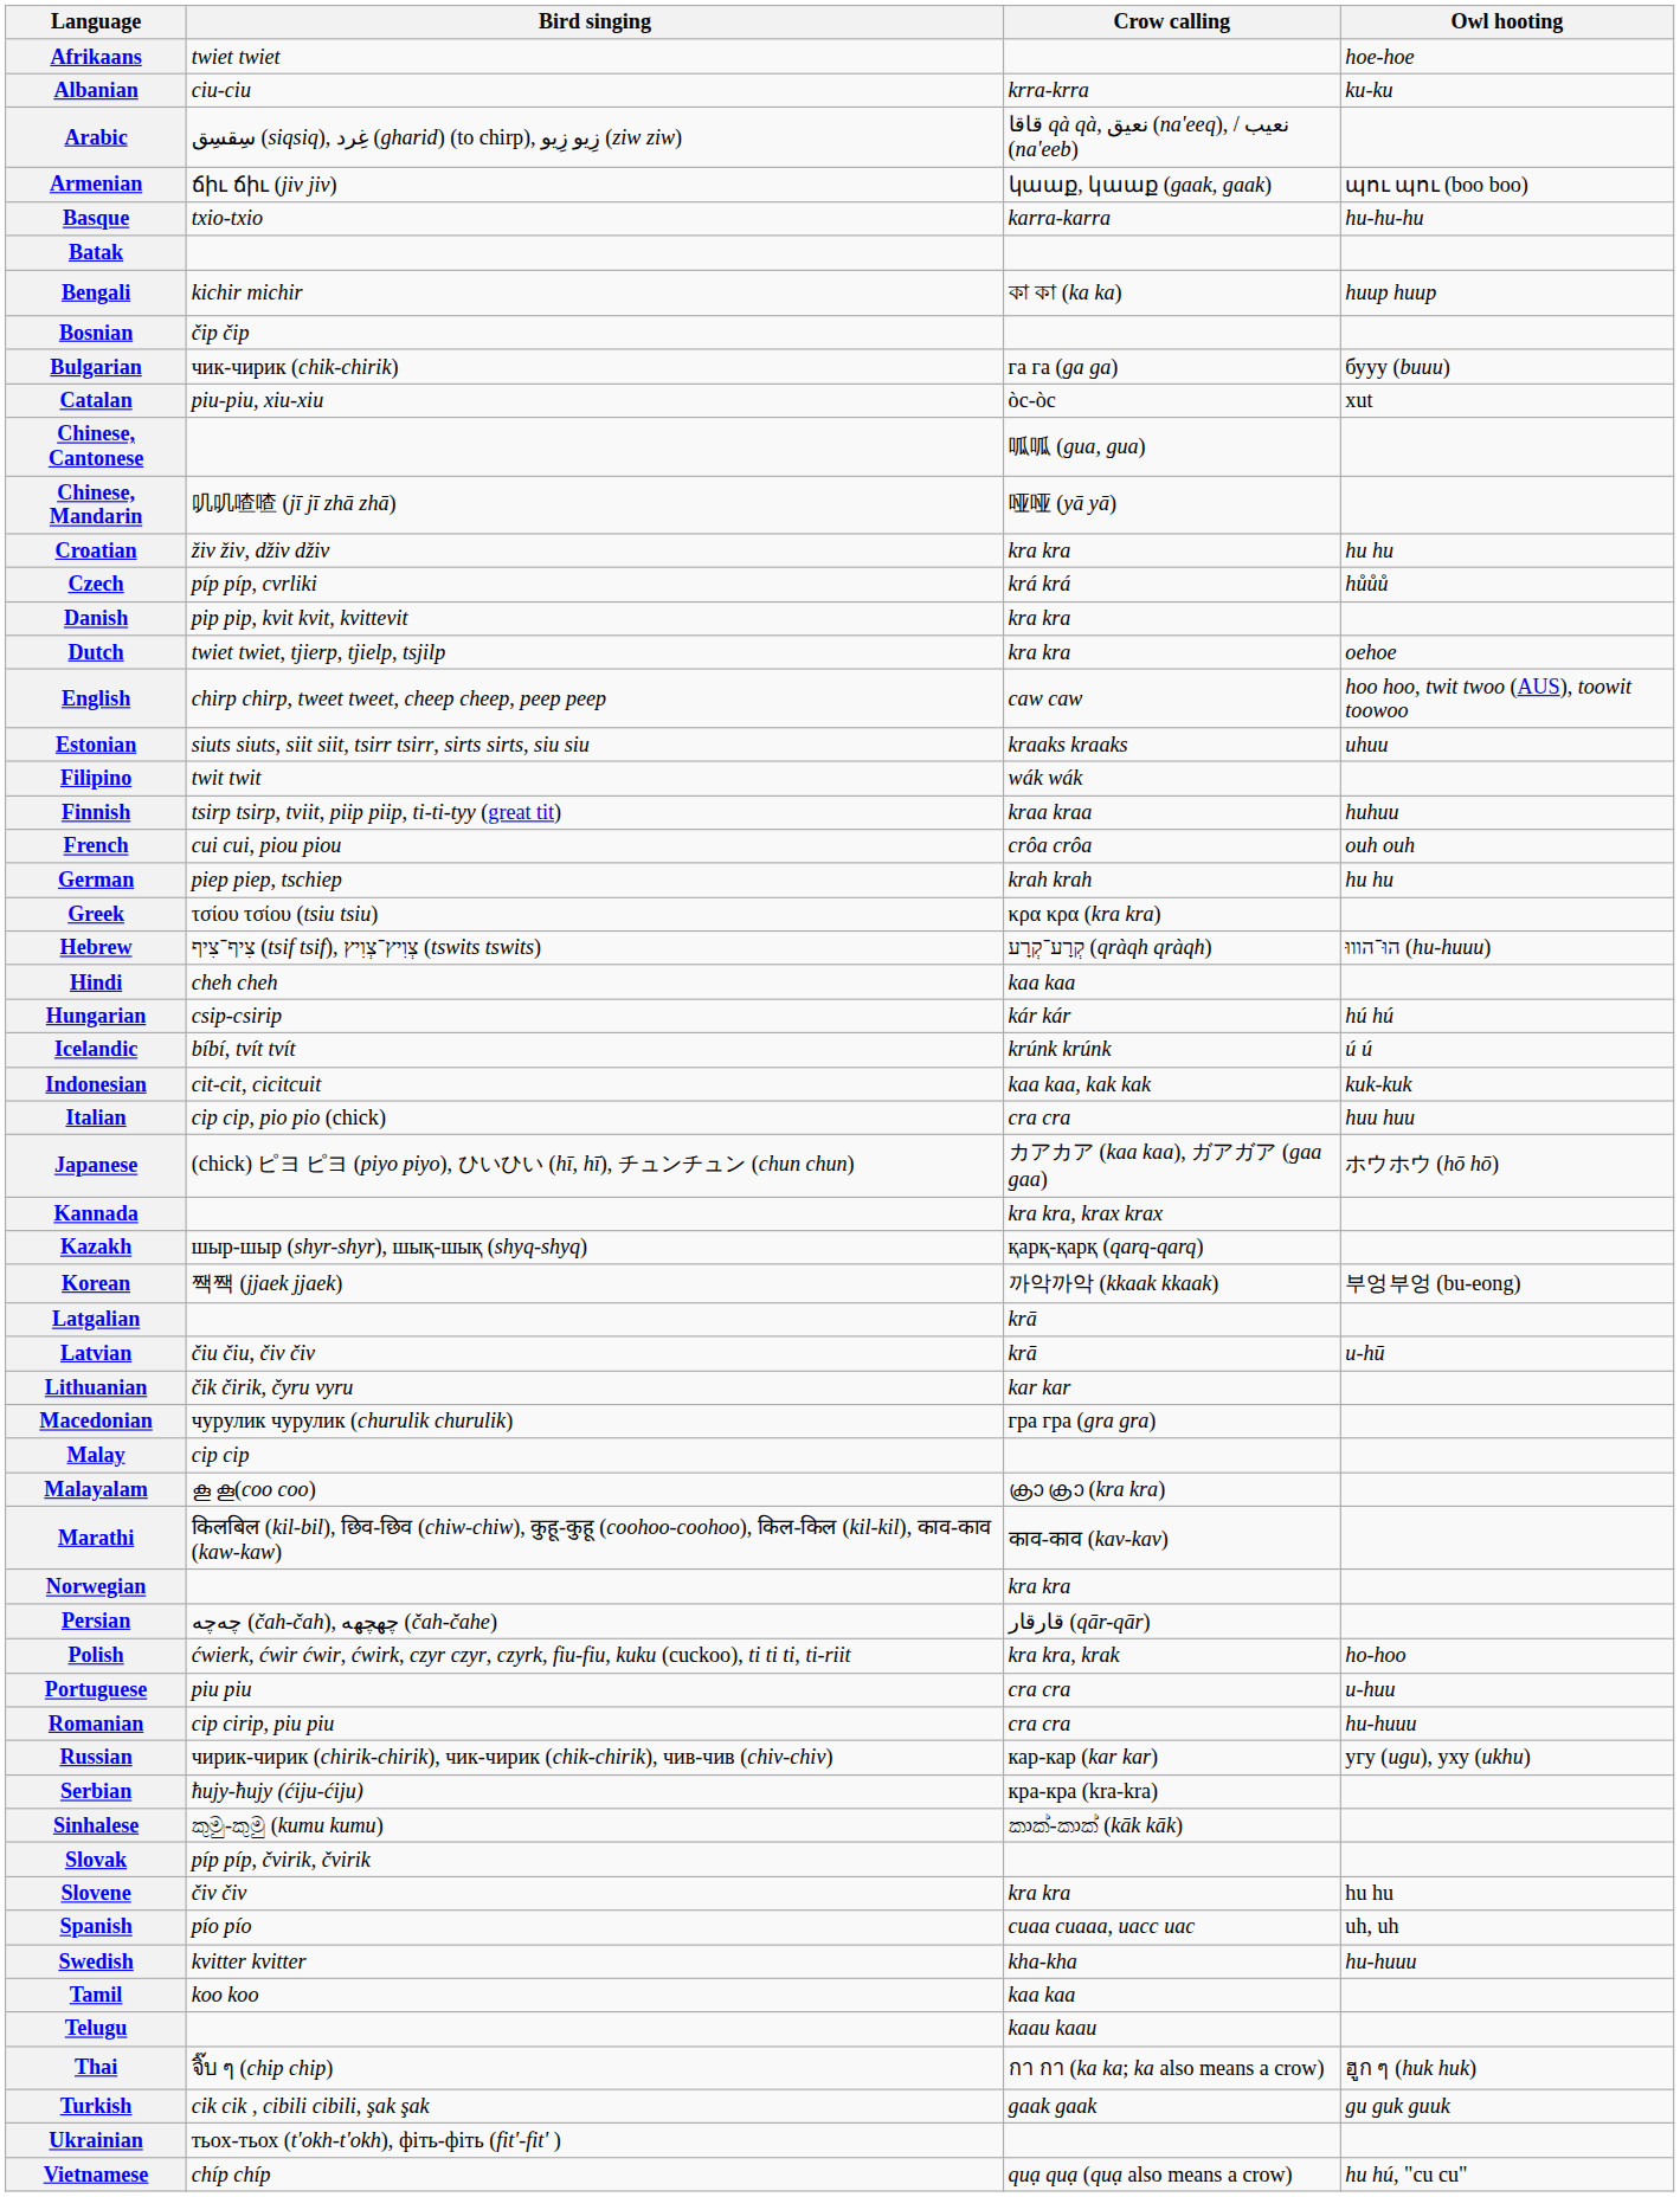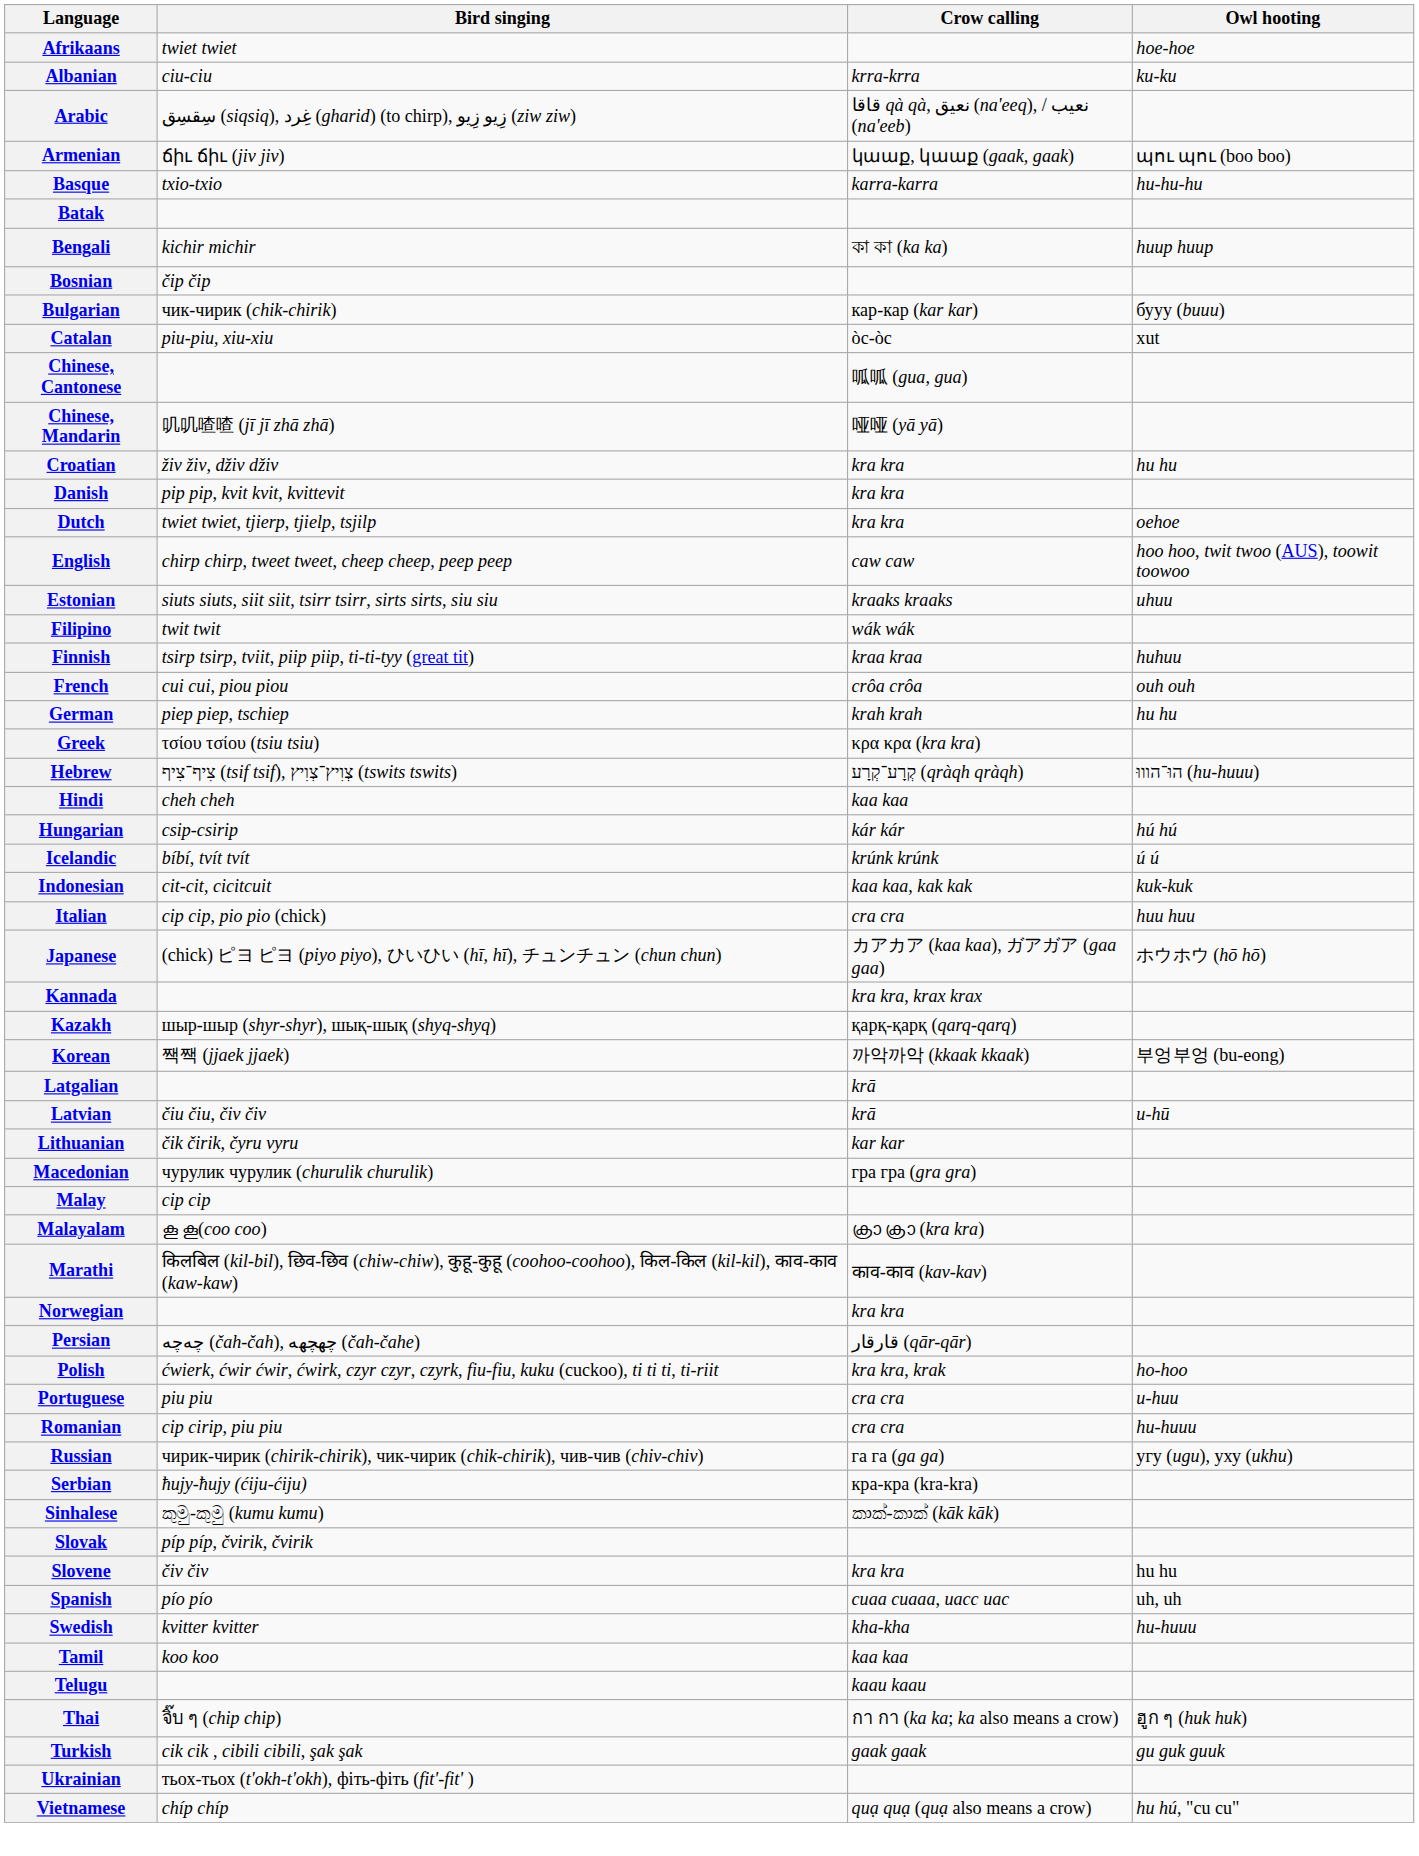 <table class="wikitable">
 <tr>
 <th>Language</th>
 <th>Bird singing</th>
 <th>Crow calling</th>
 <th>Owl hooting</th>
 </tr>
 <tr>
 <th><a href='#'>Afrikaans</a></th>
 <td><em>twiet twiet</em></td>
 <td></td>
 <td><em>hoe-hoe</em></td>
 </tr>
 <tr>
 <th><a href='#'>Albanian</a></th>
 <td><em>ciu-ciu</em></td>
 <td><em>krra-krra</em></td>
 <td><em>ku-ku</em></td>
 </tr>
 <tr>
 <th><a href='#'>Arabic</a></th>
 <td>سِقسِق (<em>siqsiq</em>), غِرد (<em>gharid</em>) (to chirp), زِيو زِيو (<em>ziw ziw</em>)</td>
 <td>قاقا <em>qà qà</em>, نعيق (<em>na'eeq</em>), / نعيب (<em>na'eeb</em>)</td>
 <td></td>
 </tr>
 <tr>
 <th><a href='#'>Armenian</a></th>
 <td>ճիւ ճիւ (<em>jiv jiv</em>)</td>
 <td>կաաք, կաաք (<em>gaak, gaak</em>)</td>
 <td>պու պու (boo boo)</td>
 </tr>
 <tr>
 <th><a href='#'>Basque</a></th>
 <td><em>txio-txio</em></td>
 <td><em>karra-karra</em></td>
 <td><em>hu-hu-hu</em></td>
 </tr>
 <tr>
 <th><a href='#'>Batak</a></th>
 <td></td>
 <td></td>
 <td></td>
 </tr>
 <tr>
 <th><a href='#'>Bengali</a></th>
 <td><em>kichir michir</em></td>
 <td>কা কা (<em>ka ka</em>)</td>
 <td><em>huup huup</em></td>
 </tr>
 <tr>
 <th><a href='#'>Bosnian</a></th>
 <td><em>čip čip</em></td>
 <td></td>
 <td></td>
 </tr>
 <tr>
 <th><a href='#'>Bulgarian</a></th>
 <td>чик-чирик (<em>chik-chirik</em>)</td>
-<td>га га (<em>ga ga</em>)</td>
+<td>кар-кар (<em>kar kar</em>)</td>
 <td>бууу (<em>buuu</em>)</td>
 </tr>
 <tr>
 <th><a href='#'>Catalan</a></th>
 <td><em>piu-piu, xiu-xiu</em></td>
 <td>òc-òc</td>
 <td>xut</td>
 </tr>
 <tr>
 <th><a href='#'>Chinese, Cantonese</a></th>
 <td></td>
 <td>呱呱 (<em>gua, gua</em>)</td>
 <td></td>
 </tr>
 <tr>
 <th><a href='#'>Chinese, Mandarin</a></th>
 <td>叽叽喳喳 (<em>jī jī zhā zhā</em>)</td>
 <td>哑哑 (<em>yā yā</em>)</td>
 <td></td>
 </tr>
 <tr>
 <th><a href='#'>Croatian</a></th>
 <td><em>živ živ</em>, <em>dživ dživ</em></td>
 <td><em>kra kra</em></td>
 <td><em>hu hu</em></td>
-</tr>
-<tr>
-<th><a href='#'>Czech</a></th>
-<td><em>píp píp</em>, <em>cvrliki</em></td>
-<td><em>krá krá</em></td>
-<td><em>hůůů</em></td>
 </tr>
 <tr>
 <th><a href='#'>Danish</a></th>
 <td><em>pip pip</em>, <em>kvit kvit</em>, <em>kvittevit</em></td>
 <td><em>kra kra</em></td>
 <td></td>
 </tr>
 <tr>
 <th><a href='#'>Dutch</a></th>
 <td><em>twiet twiet</em>, <em>tjierp</em>, <em>tjielp</em>, <em>tsjilp</em></td>
 <td><em>kra kra</em></td>
 <td><em>oehoe</em></td>
 </tr>
 <tr>
 <th><a href='#'>English</a></th>
 <td><em>chirp chirp</em>, <em>tweet tweet</em>, <em>cheep cheep</em>, <em>peep peep</em></td>
 <td><em>caw caw</em></td>
 <td><em>hoo hoo</em>, <em>twit twoo</em> (<a href='#'>AUS</a>), <em>toowit toowoo</em></td>
 </tr>
 <tr>
 <th><a href='#'>Estonian</a></th>
 <td><em>siuts siuts</em>, <em>siit siit</em>, <em>tsirr tsirr</em>, <em>sirts sirts</em>, <em>siu siu</em></td>
 <td><em>kraaks kraaks</em></td>
 <td><em>uhuu</em></td>
 </tr>
 <tr>
 <th><a href='#'>Filipino</a></th>
 <td><em>twit twit</em></td>
 <td><em>wák wák</em></td>
 <td></td>
 </tr>
 <tr>
 <th><a href='#'>Finnish</a></th>
 <td><em>tsirp tsirp</em>, <em>tviit</em>, <em>piip piip</em>, <em>ti-ti-tyy</em> (<a href='#'>great tit</a>)</td>
 <td><em>kraa kraa</em></td>
 <td><em>huhuu</em></td>
 </tr>
 <tr>
 <th><a href='#'>French</a></th>
 <td><em>cui cui</em>, <em>piou piou</em></td>
 <td><em>crôa crôa</em></td>
 <td><em>ouh ouh</em></td>
 </tr>
 <tr>
 <th><a href='#'>German</a></th>
 <td><em>piep piep</em>, <em>tschiep</em></td>
 <td><em>krah krah</em></td>
 <td><em>hu hu</em></td>
 </tr>
 <tr>
 <th><a href='#'>Greek</a></th>
 <td>τσίου τσίου (<em>tsiu tsiu</em>)</td>
 <td>κρα κρα (<em>kra kra</em>)</td>
 <td></td>
 </tr>
 <tr>
 <th><a href='#'>Hebrew</a></th>
 <td>צִיף־צִיף (<em>tsif tsif</em>), צְוִיץ־צְוִיץ (<em>tswits tswits</em>)</td>
 <td>קְרָע־קְרָע (<em>qràqh qràqh</em>)</td>
 <td>הוּ־הוווּ (<em>hu-huuu</em>)</td>
 </tr>
 <tr>
 <th><a href='#'>Hindi</a></th>
 <td><em>cheh cheh</em></td>
 <td><em>kaa kaa</em></td>
 <td></td>
 </tr>
 <tr>
 <th><a href='#'>Hungarian</a></th>
 <td><em>csip-csirip</em></td>
 <td><em>kár kár</em></td>
 <td><em>hú hú</em></td>
 </tr>
 <tr>
 <th><a href='#'>Icelandic</a></th>
 <td><em>bíbí</em>, <em>tvít tvít</em></td>
 <td><em>krúnk krúnk</em></td>
 <td><em>ú ú</em></td>
 </tr>
 <tr>
 <th><a href='#'>Indonesian</a></th>
 <td><em>cit-cit</em>, <em>cicitcuit</em></td>
 <td><em>kaa kaa</em>, <em>kak kak</em></td>
 <td><em>kuk-kuk</em></td>
 </tr>
 <tr>
 <th><a href='#'>Italian</a></th>
 <td><em>cip cip</em>, <em>pio pio</em> (chick)</td>
 <td><em>cra cra</em></td>
 <td><em>huu huu</em></td>
 </tr>
 <tr>
 <th><a href='#'>Japanese</a></th>
 <td>(chick) ピヨ ピヨ (<em>piyo piyo</em>), ひいひい (<em>hī, hī</em>), チュンチュン (<em>chun chun</em>)</td>
 <td>カアカア (<em>kaa kaa</em>), ガアガア (<em>gaa gaa</em>)</td>
 <td>ホウホウ (<em>hō hō</em>)</td>
 </tr>
 <tr>
 <th><a href='#'>Kannada</a></th>
 <td></td>
 <td><em>kra kra</em>, <em>krax krax</em></td>
 <td></td>
 </tr>
 <tr>
 <th><a href='#'>Kazakh</a></th>
 <td>шыр-шыр (<em>shyr-shyr</em>), шық-шық (<em>shyq-shyq</em>)</td>
 <td>қарқ-қарқ (<em>qarq-qarq</em>)</td>
 <td></td>
 </tr>
 <tr>
 <th><a href='#'>Korean</a></th>
 <td>짹짹 (<em>jjaek jjaek</em>)</td>
 <td>까악까악 (<em>kkaak kkaak</em>)</td>
 <td>부엉부엉 (bu-eong)</td>
 </tr>
 <tr>
 <th><a href='#'>Latgalian</a></th>
 <td></td>
 <td><em>krā</em></td>
 <td></td>
 </tr>
 <tr>
 <th><a href='#'>Latvian</a></th>
 <td><em>čiu čiu</em>, <em>čiv čiv</em></td>
 <td><em>krā</em></td>
 <td><em>u-hū</em></td>
 </tr>
 <tr>
 <th><a href='#'>Lithuanian</a></th>
 <td><em>čik čirik</em>, <em>čyru vyru</em></td>
 <td><em>kar kar</em></td>
 <td></td>
 </tr>
 <tr>
 <th><a href='#'>Macedonian</a></th>
 <td>чурулик чурулик (<em>churulik churulik</em>)</td>
 <td>гра гра (<em>gra gra</em>)</td>
 <td></td>
 </tr>
 <tr>
 <th><a href='#'>Malay</a></th>
 <td><em>cip cip</em></td>
 <td></td>
 <td></td>
 </tr>
 <tr>
 <th><a href='#'>Malayalam</a></th>
 <td>കൂ കൂ(<em>coo coo</em>)</td>
 <td>ക്രാ ക്രാ (<em>kra kra</em>)</td>
 <td></td>
 </tr>
 <tr>
 <th><a href='#'>Marathi</a></th>
 <td>किलबिल (<em>kil-bil</em>), छिव-छिव (<em>chiw-chiw</em>), कुहू-कुहू (<em>coohoo-coohoo</em>), किल-किल (<em>kil-kil</em>), काव-काव (<em>kaw-kaw</em>)</td>
 <td>काव-काव (<em>kav-kav</em>)</td>
 <td></td>
 </tr>
 <tr>
 <th><a href='#'>Norwegian</a></th>
 <td></td>
 <td><em>kra kra</em></td>
 <td></td>
 </tr>
 <tr>
 <th><a href='#'>Persian</a></th>
 <td>چه‌چه (<em>čah-čah</em>), چهچهه (<em>čah-čahe</em>)</td>
 <td>قارقار (<em>qār-qār</em>)</td>
 <td></td>
 </tr>
 <tr>
 <th><a href='#'>Polish</a></th>
 <td><em>ćwierk</em>, <em>ćwir ćwir</em>, <em>ćwirk</em>, <em>czyr czyr</em>, <em>czyrk</em>, <em>fiu-fiu, kuku</em> (cuckoo)<em>, ti ti ti</em>, <em>ti-riit</em></td>
 <td><em>kra kra</em>, <em>krak</em></td>
 <td><em>ho-hoo</em></td>
 </tr>
 <tr>
 <th><a href='#'>Portuguese</a></th>
 <td><em>piu piu</em></td>
 <td><em>cra cra</em></td>
 <td><em>u-huu</em></td>
 </tr>
 <tr>
 <th><a href='#'>Romanian</a></th>
 <td><em>cip cirip</em>, <em>piu piu</em></td>
 <td><em>cra cra</em></td>
 <td><em>hu-huuu</em></td>
 </tr>
 <tr>
 <th><a href='#'>Russian</a></th>
 <td>чирик-чирик (<em>chirik-chirik</em>), чик-чирик (<em>chik-chirik</em>), чив-чив (<em>chiv-chiv</em>)</td>
-<td>кар-кар (<em>kar kar</em>)</td>
+<td>га га (<em>ga ga</em>)</td>
 <td>угу (<em>ugu</em>), уху (<em>ukhu</em>)</td>
 </tr>
 <tr>
 <th><a href='#'>Serbian</a></th>
 <td><em>ћију-ћију (ćiju-ćiju)</em></td>
 <td>кра-кра (kra-kra)</td>
 <td></td>
 </tr>
 <tr>
 <th><a href='#'>Sinhalese</a></th>
 <td>කුමු-කුමු (<em>kumu kumu</em>)</td>
 <td>කාක්-කාක් (<em>kāk kāk</em>)</td>
 <td></td>
 </tr>
 <tr>
 <th><a href='#'>Slovak</a></th>
 <td><em>píp píp</em>, <em>čvirik, čvirik</em></td>
 <td></td>
 <td></td>
 </tr>
 <tr>
 <th><a href='#'>Slovene</a></th>
 <td><em>čiv čiv</em></td>
 <td><em>kra kra</em></td>
 <td>hu hu</td>
 </tr>
 <tr>
 <th><a href='#'>Spanish</a></th>
 <td><em>pío pío</em></td>
 <td><em>cuaa cuaaa</em>, <em>uacc uac</em></td>
 <td>uh, uh</td>
 </tr>
 <tr>
 <th><a href='#'>Swedish</a></th>
 <td><em>kvitter kvitter</em></td>
 <td><em>kha-kha</em></td>
 <td><em>hu-huuu</em></td>
 </tr>
 <tr>
 <th><a href='#'>Tamil</a></th>
 <td><em>koo koo</em></td>
 <td><em>kaa kaa</em></td>
 <td></td>
 </tr>
 <tr>
 <th><a href='#'>Telugu</a></th>
 <td></td>
 <td><em>kaau kaau</em></td>
 <td></td>
 </tr>
 <tr>
 <th><a href='#'>Thai</a></th>
 <td>จิ๊บ ๆ (<em>chip chip</em>)</td>
 <td>กา กา (<em>ka ka</em>; <em>ka</em> also means a crow)</td>
 <td>ฮูก ๆ (<em>huk huk</em>)</td>
 </tr>
 <tr>
 <th><a href='#'>Turkish</a></th>
 <td><em>cik cik</em> , <em>cibili cibili</em>, <em>şak şak</em></td>
 <td><em>gaak gaak</em></td>
 <td><em>gu guk guuk</em></td>
 </tr>
 <tr>
 <th><a href='#'>Ukrainian</a></th>
 <td>тьох-тьох (<em>t'okh-t'okh</em>), фіть-фіть (<em>fit'-fit' </em>)</td>
 <td></td>
 <td></td>
 </tr>
 <tr>
 <th><a href='#'>Vietnamese</a></th>
 <td><em>chíp chíp</em></td>
 <td><em>quạ quạ</em> (<em>quạ</em> also means a crow)</td>
 <td><em>hu hú</em>, "cu cu"</td>
 </tr>
 </table>
